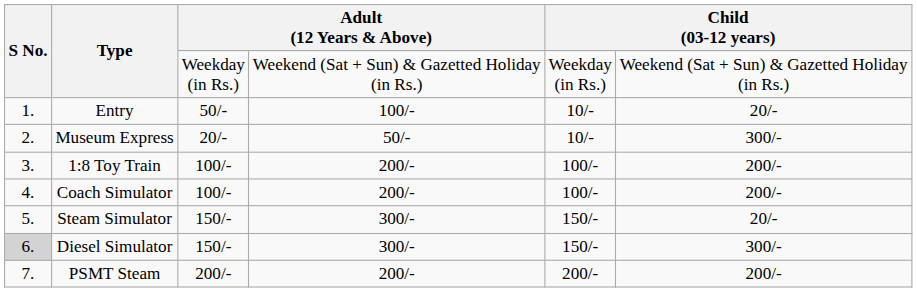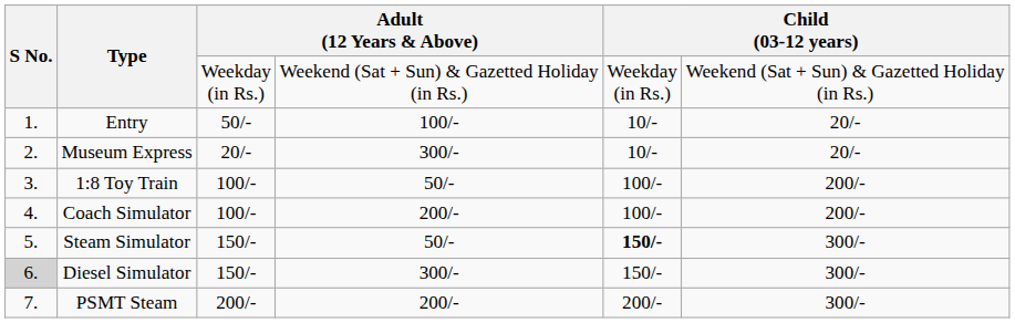 <table class="wikitable" style="text-align: center;">
 <tr>
 <th rowspan="2">S No.</th>
 <th rowspan="2">Type</th>
 <th colspan="2">Adult<br>(12 Years & Above)</th>
 <th colspan="2">Child<br>(03-12 years)</th>
 </tr>
 <tr>
 <td>Weekday<br>(in Rs.)</td>
 <td>Weekend (Sat + Sun) & Gazetted Holiday<br>(in Rs.)</td>
 <td>Weekday<br>(in Rs.)</td>
 <td>Weekend (Sat + Sun) & Gazetted Holiday<br>(in Rs.)</td>
 </tr>
 <tr>
 <td>1.</td>
 <td>Entry</td>
 <td>50/-</td>
 <td>100/-</td>
 <td>10/-</td>
 <td>20/-</td>
 </tr>
 <tr>
 <td>2.</td>
 <td>Museum Express</td>
 <td>20/-</td>
-<td>50/-</td>
+<td>300/-</td>
 <td>10/-</td>
-<td>300/-</td>
+<td>20/-</td>
 </tr>
 <tr>
 <td>3.</td>
 <td>1:8 Toy Train</td>
 <td>100/-</td>
-<td>200/-</td>
+<td>50/-</td>
 <td>100/-</td>
 <td>200/-</td>
 </tr>
 <tr>
 <td>4.</td>
 <td>Coach Simulator</td>
 <td>100/-</td>
 <td>200/-</td>
 <td>100/-</td>
 <td>200/-</td>
 </tr>
 <tr>
 <td>5.</td>
 <td>Steam Simulator</td>
 <td>150/-</td>
+<td>50/-</td>
+<td><strong>150/-</strong></td>
 <td>300/-</td>
-<td>150/-</td>
-<td>20/-</td>
 </tr>
 <tr>
 <td style="background: lightgrey;">6.</td>
 <td>Diesel Simulator</td>
 <td>150/-</td>
 <td>300/-</td>
 <td>150/-</td>
 <td>300/-</td>
 </tr>
 <tr>
 <td>7.</td>
 <td>PSMT Steam</td>
 <td>200/-</td>
 <td>200/-</td>
 <td>200/-</td>
-<td>200/-</td>
+<td>300/-</td>
 </tr>
 </table>
